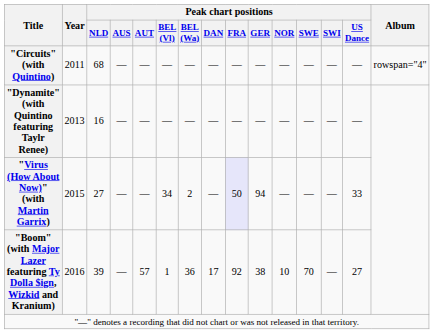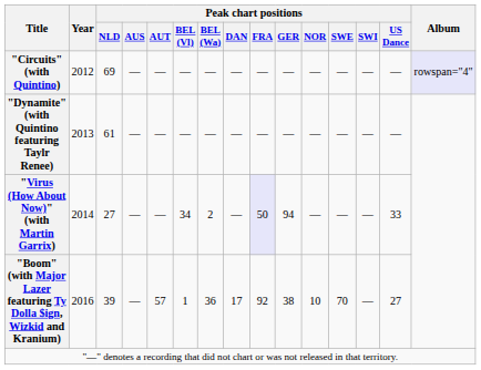 <table class="wikitable plainrowheaders" style="text-align:center;">
 <tr>
 <th scope="col" rowspan="2" style="width:15em;">Title</th>
 <th scope="col" rowspan="2" style="width:1em;">Year</th>
 <th scope="col" colspan="12">Peak chart positions</th>
 <th scope="col" rowspan="2" style="width:10em;">Album</th>
 </tr>
 <tr>
 <th scope="col" style="width:2.5em;font-size:90%;"><a href='#'>NLD</a><br></th>
 <th scope="col" style="width:2.5em;font-size:90%;"><a href='#'>AUS</a><br></th>
 <th scope="col" style="width:2.5em;font-size:90%;"><a href='#'>AUT</a><br></th>
 <th scope="col" style="width:2.5em;font-size:90%;"><a href='#'>BEL (Vl)</a><br></th>
 <th scope="col" style="width:2.5em;font-size:90%;"><a href='#'>BEL (Wa)</a><br></th>
 <th scope="col" style="width:2.5em;font-size:90%;"><a href='#'>DAN</a><br></th>
 <th scope="col" style="width:2.5em;font-size:90%;"><a href='#'>FRA</a><br></th>
 <th scope="col" style="width:2.5em;font-size:90%;"><a href='#'>GER</a><br></th>
 <th scope="col" style="width:2.5em;font-size:90%;"><a href='#'>NOR</a><br></th>
 <th scope="col" style="width:2.5em;font-size:90%;"><a href='#'>SWE</a><br></th>
 <th scope="col" style="width:2.5em;font-size:90%;"><a href='#'>SWI</a><br></th>
 <th scope="col" style="width:2.5em;font-size:90%;"><a href='#'>US<br>Dance</a><br></th>
 </tr>
 <tr>
 <th scope="row">"Circuits" <br><span>(with <a href='#'>Quintino</a>)</span></th>
-<td>2011</td>
-<td>68</td>
+<td>2012</td>
+<td>69</td>
 <td>—</td>
 <td>—</td>
 <td>—</td>
 <td>—</td>
 <td>—</td>
 <td>—</td>
 <td>—</td>
 <td>—</td>
 <td>—</td>
 <td>—</td>
 <td>—</td>
-<td>rowspan="4" </td>
+<td style="background: lavender;">rowspan="4" </td>
 </tr>
 <tr>
 <th scope="row">"Dynamite" <br><span>(with Quintino featuring Taylr Renee)</span></th>
 <td>2013</td>
-<td>16</td>
+<td>61</td>
 <td>—</td>
 <td>—</td>
 <td>—</td>
 <td>—</td>
 <td>—</td>
 <td>—</td>
 <td>—</td>
 <td>—</td>
 <td>—</td>
 <td>—</td>
 <td>—</td>
 </tr>
 <tr>
 <th scope="row">"<a href='#'>Virus (How About Now)</a>" <br><span>(with <a href='#'>Martin Garrix</a>)</span></th>
-<td>2015</td>
+<td>2014</td>
 <td>27</td>
 <td>—</td>
 <td>—</td>
 <td>34</td>
 <td>2</td>
 <td>—</td>
 <td style="background: lavender;">50</td>
 <td>94</td>
 <td>—</td>
 <td>—</td>
 <td>—</td>
 <td>33</td>
 </tr>
 <tr>
 <th scope="row">"Boom" <br><span>(with <a href='#'>Major Lazer</a> featuring <a href='#'>Ty Dolla $ign</a>, <a href='#'>Wizkid</a> and Kranium)</span></th>
 <td>2016</td>
 <td>39</td>
 <td>—</td>
 <td>57</td>
 <td>1</td>
 <td>36</td>
 <td>17</td>
 <td>92</td>
 <td>38</td>
 <td>10</td>
 <td>70</td>
 <td>—</td>
 <td>27</td>
 </tr>
 <tr>
 <td colspan="16" style="font-size:90%">"—" denotes a recording that did not chart or was not released in that territory.</td>
 </tr>
 </table>
